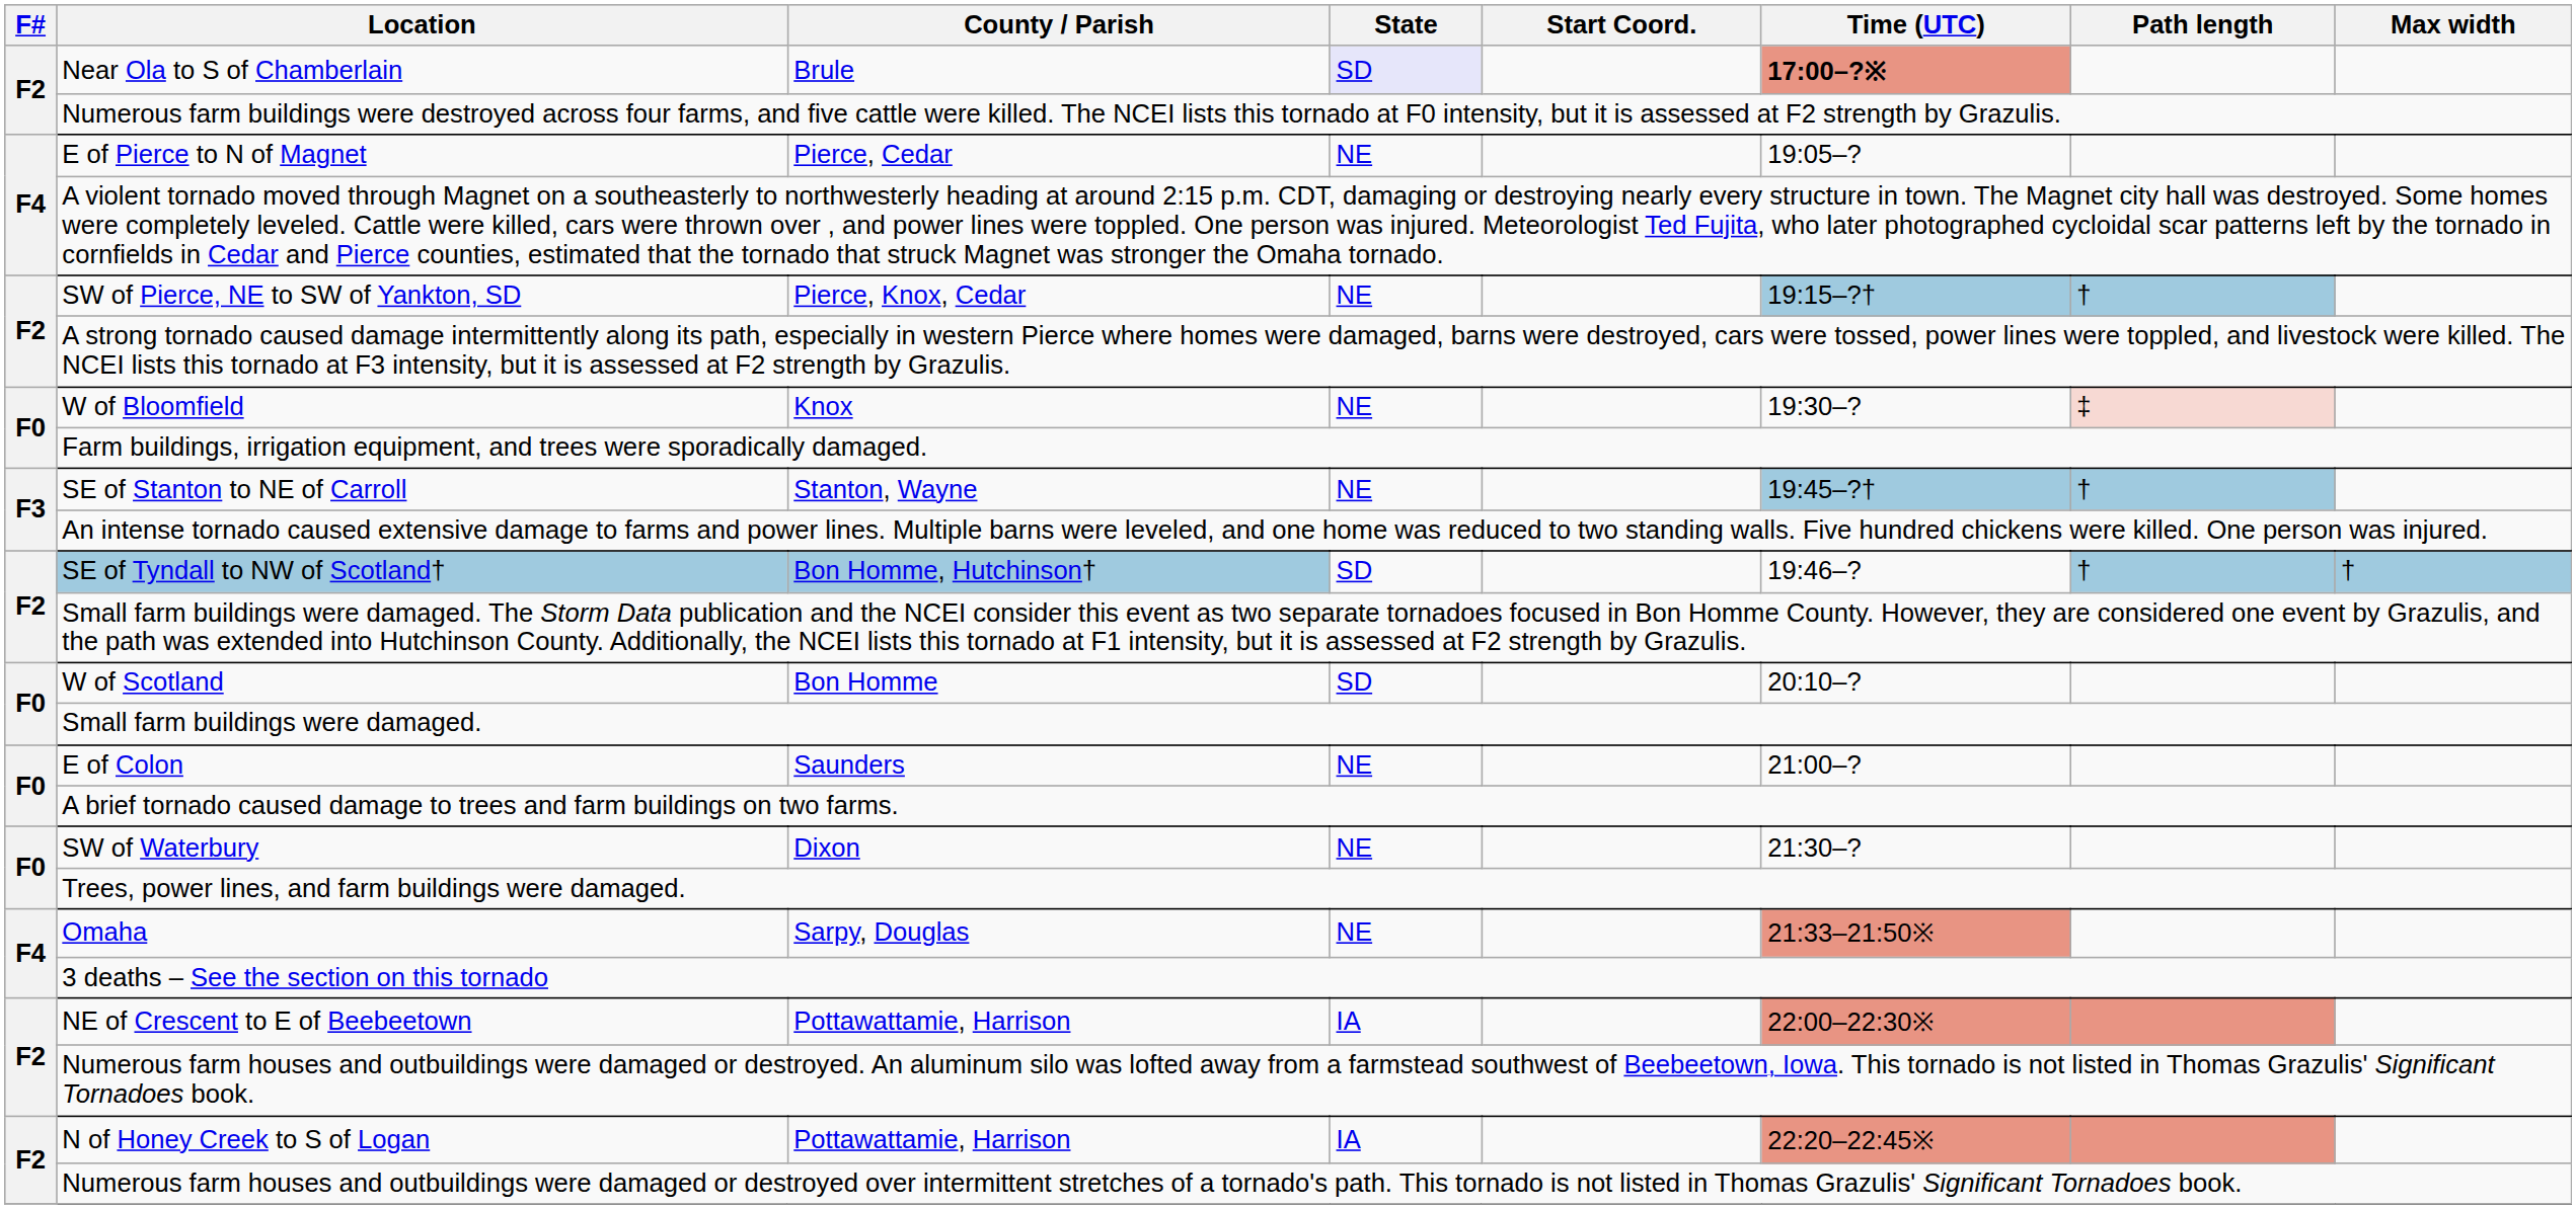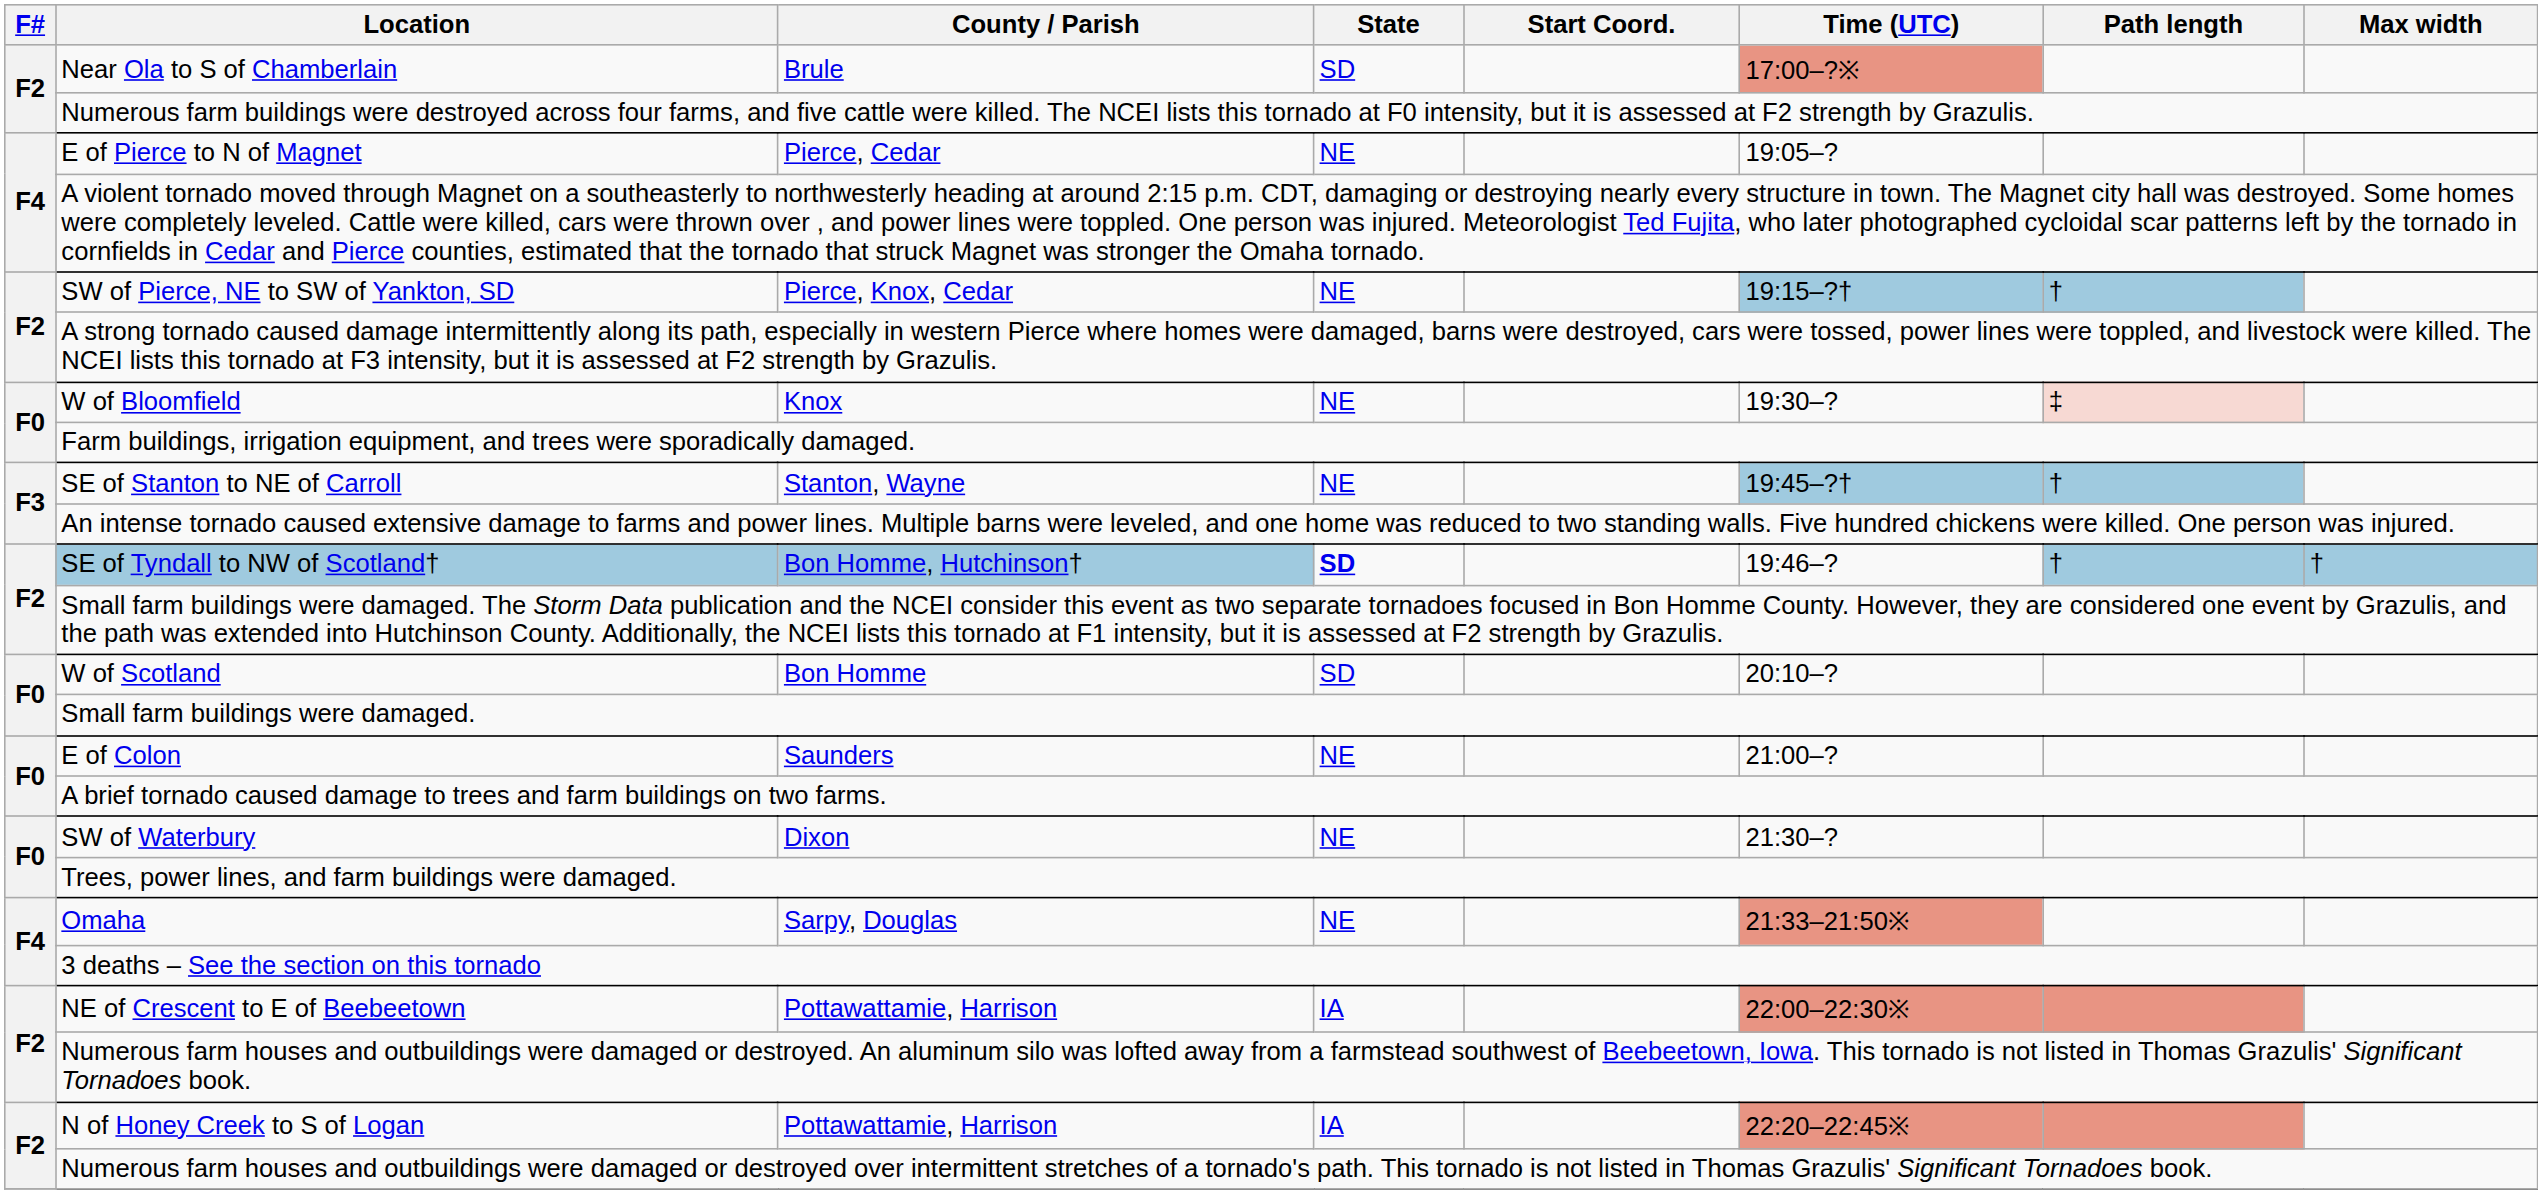 <table class="wikitable sortable" style="width:100%;">
 <tr>
 <th scope="col" width="2%" align="center"><a href='#'>F#</a></th>
 <th scope="col" align="center" class="unsortable">Location</th>
 <th scope="col" align="center" class="unsortable">County / Parish</th>
 <th scope="col" align="center">State</th>
 <th scope="col" align="center">Start Coord.</th>
 <th scope="col" align="center">Time (<a href='#'>UTC</a>)</th>
 <th scope="col" align="center">Path length</th>
 <th scope="col" align="center">Max width</th>
 </tr>
 <tr>
 <th scope="row" rowspan="2" style="background-color:#">F2</th>
 <td>Near <a href='#'>Ola</a> to S of <a href='#'>Chamberlain</a></td>
 <td><a href='#'>Brule</a></td>
-<td style="background: lavender;"><a href='#'>SD</a></td>
+<td><a href='#'>SD</a></td>
 <td></td>
-<td bgcolor=#E89483><strong>17:00–?※</strong></td>
+<td bgcolor=#E89483>17:00–?※</td>
 <td></td>
 <td></td>
 </tr>
 <tr class="expand-child">
 <td colspan="8" style=" border-bottom: 1px solid black;">Numerous farm buildings were destroyed across four farms, and five cattle were killed. The NCEI lists this tornado at F0 intensity, but it is assessed at F2 strength by Grazulis.</td>
 </tr>
 <tr>
 <th scope="row" rowspan="2" style="background-color:#">F4</th>
 <td>E of <a href='#'>Pierce</a> to N of <a href='#'>Magnet</a></td>
 <td><a href='#'>Pierce</a>, <a href='#'>Cedar</a></td>
 <td><a href='#'>NE</a></td>
 <td></td>
 <td>19:05–?</td>
 <td></td>
 <td></td>
 </tr>
 <tr class="expand-child">
 <td colspan="8" style=" border-bottom: 1px solid black;">A violent tornado moved through Magnet on a southeasterly to northwesterly heading at around 2:15 p.m. CDT, damaging or destroying nearly every structure in town. The Magnet city hall was destroyed. Some homes were completely leveled. Cattle were killed, cars were thrown over , and power lines were toppled. One person was injured. Meteorologist <a href='#'>Ted Fujita</a>, who later photographed cycloidal scar patterns left by the tornado in cornfields in <a href='#'>Cedar</a> and <a href='#'>Pierce</a> counties, estimated that the tornado that struck Magnet was stronger the Omaha tornado.</td>
 </tr>
 <tr>
 <th scope="row" rowspan="2" style="background-color:#">F2</th>
 <td>SW of <a href='#'>Pierce, NE</a> to SW of <a href='#'>Yankton, SD</a></td>
 <td><a href='#'>Pierce</a>, <a href='#'>Knox</a>, <a href='#'>Cedar</a></td>
 <td><a href='#'>NE</a></td>
 <td></td>
 <td bgcolor=#9FCADF>19:15–?†</td>
 <td bgcolor=#9FCADF>†</td>
 <td></td>
 </tr>
 <tr class="expand-child">
 <td colspan="8" style=" border-bottom: 1px solid black;">A strong tornado caused damage intermittently along its path, especially in western Pierce where homes were damaged, barns were destroyed, cars were tossed, power lines were toppled, and livestock were killed. The NCEI lists this tornado at F3 intensity, but it is assessed at F2 strength by Grazulis.</td>
 </tr>
 <tr>
 <th scope="row" rowspan="2" style="background-color:#">F0</th>
 <td>W of <a href='#'>Bloomfield</a></td>
 <td><a href='#'>Knox</a></td>
 <td><a href='#'>NE</a></td>
 <td></td>
 <td>19:30–?</td>
 <td bgcolor=#F7D9D3>‡</td>
 <td></td>
 </tr>
 <tr class="expand-child">
 <td colspan="8" style=" border-bottom: 1px solid black;">Farm buildings, irrigation equipment, and trees were sporadically damaged.</td>
 </tr>
 <tr>
 <th scope="row" rowspan="2" style="background-color:#">F3</th>
 <td>SE of <a href='#'>Stanton</a> to NE of <a href='#'>Carroll</a></td>
 <td><a href='#'>Stanton</a>, <a href='#'>Wayne</a></td>
 <td><a href='#'>NE</a></td>
 <td></td>
 <td bgcolor=#9FCADF>19:45–?†</td>
 <td bgcolor=#9FCADF>†</td>
 <td></td>
 </tr>
 <tr class="expand-child">
 <td colspan="8" style=" border-bottom: 1px solid black;">An intense tornado caused extensive damage to farms and power lines. Multiple barns were leveled, and one home was reduced to two standing walls. Five hundred chickens were killed. One person was injured.</td>
 </tr>
 <tr>
 <th scope="row" rowspan="2" style="background-color:#">F2</th>
 <td bgcolor=#9FCADF>SE of <a href='#'>Tyndall</a> to NW of <a href='#'>Scotland</a>†</td>
 <td bgcolor=#9FCADF><a href='#'>Bon Homme</a>, <a href='#'>Hutchinson</a>†</td>
-<td><a href='#'>SD</a></td>
+<td><strong><a href='#'>SD</a></strong></td>
 <td></td>
 <td>19:46–?</td>
 <td bgcolor=#9FCADF>†</td>
 <td bgcolor=#9FCADF>†</td>
 </tr>
 <tr class="expand-child">
 <td colspan="8" style=" border-bottom: 1px solid black;">Small farm buildings were damaged. The <em>Storm Data</em> publication and the NCEI consider this event as two separate tornadoes focused in Bon Homme County. However, they are considered one event by Grazulis, and the path was extended into Hutchinson County. Additionally, the NCEI lists this tornado at F1 intensity, but it is assessed at F2 strength by Grazulis.</td>
 </tr>
 <tr>
 <th scope="row" rowspan="2" style="background-color:#">F0</th>
 <td>W of <a href='#'>Scotland</a></td>
 <td><a href='#'>Bon Homme</a></td>
 <td><a href='#'>SD</a></td>
 <td></td>
 <td>20:10–?</td>
 <td></td>
 <td></td>
 </tr>
 <tr class="expand-child">
 <td colspan="8" style=" border-bottom: 1px solid black;">Small farm buildings were damaged.</td>
 </tr>
 <tr>
 <th scope="row" rowspan="2" style="background-color:#">F0</th>
 <td>E of <a href='#'>Colon</a></td>
 <td><a href='#'>Saunders</a></td>
 <td><a href='#'>NE</a></td>
 <td></td>
 <td>21:00–?</td>
 <td></td>
 <td></td>
 </tr>
 <tr class="expand-child">
 <td colspan="8" style=" border-bottom: 1px solid black;">A brief tornado caused damage to trees and farm buildings on two farms.</td>
 </tr>
 <tr>
 <th scope="row" rowspan="2" style="background-color:#">F0</th>
 <td>SW of <a href='#'>Waterbury</a></td>
 <td><a href='#'>Dixon</a></td>
 <td><a href='#'>NE</a></td>
 <td></td>
 <td>21:30–?</td>
 <td></td>
 <td></td>
 </tr>
 <tr class="expand-child">
 <td colspan="8" style=" border-bottom: 1px solid black;">Trees, power lines, and farm buildings were damaged.</td>
 </tr>
 <tr>
 <th scope="row" rowspan="2" style="background-color:#">F4</th>
 <td><a href='#'>Omaha</a></td>
 <td><a href='#'>Sarpy</a>, <a href='#'>Douglas</a></td>
 <td><a href='#'>NE</a></td>
 <td></td>
 <td bgcolor=#E89483>21:33–21:50※</td>
 <td></td>
 <td></td>
 </tr>
 <tr class="expand-child">
 <td colspan="8" style=" border-bottom: 1px solid black;">3 deaths – <a href='#'>See the section on this tornado</a></td>
 </tr>
 <tr>
 <th scope="row" rowspan="2" style="background-color:#">F2</th>
 <td>NE of <a href='#'>Crescent</a> to E of <a href='#'>Beebeetown</a></td>
 <td><a href='#'>Pottawattamie</a>, <a href='#'>Harrison</a></td>
 <td><a href='#'>IA</a></td>
 <td></td>
 <td bgcolor=#E89483>22:00–22:30※</td>
 <td bgcolor=#E89483></td>
 <td></td>
 </tr>
 <tr class="expand-child">
 <td colspan="8" style=" border-bottom: 1px solid black;">Numerous farm houses and outbuildings were damaged or destroyed. An aluminum silo was lofted  away from a farmstead southwest of <a href='#'>Beebeetown, Iowa</a>. This tornado is not listed in Thomas Grazulis' <em>Significant Tornadoes</em> book.</td>
 </tr>
 <tr>
 <th scope="row" rowspan="2" style="background-color:#">F2</th>
 <td>N of <a href='#'>Honey Creek</a> to S of <a href='#'>Logan</a></td>
 <td><a href='#'>Pottawattamie</a>, <a href='#'>Harrison</a></td>
 <td><a href='#'>IA</a></td>
 <td></td>
 <td bgcolor=#E89483>22:20–22:45※</td>
 <td bgcolor=#E89483></td>
 <td></td>
 </tr>
 <tr class="expand-child">
 <td colspan="8" style=" border-bottom: 1px solid black;">Numerous farm houses and outbuildings were damaged or destroyed over intermittent stretches of a tornado's path. This tornado is not listed in Thomas Grazulis' <em>Significant Tornadoes</em> book.</td>
 </tr>
 <tr>
 </tr>
 </table>
